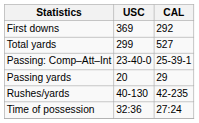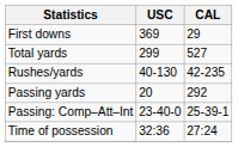 <table class="wikitable" style="float: left;">
 <tr>
 <th>Statistics</th>
 <th>USC</th>
 <th>CAL</th>
 </tr>
 <tr>
 <td>First downs</td>
 <td>369</td>
-<td>292</td>
+<td>29</td>
 </tr>
 <tr>
 <td>Total yards</td>
 <td>299</td>
 <td>527</td>
 </tr>
 <tr>
-<td>Passing: Comp–Att–Int</td>
-<td>23-40-0</td>
-<td>25-39-1</td>
+<td>Rushes/yards</td>
+<td>40-130</td>
+<td>42-235</td>
 </tr>
 <tr>
 <td>Passing yards</td>
 <td>20</td>
-<td>29</td>
+<td>292</td>
 </tr>
 <tr>
-<td>Rushes/yards</td>
-<td>40-130</td>
-<td>42-235</td>
+<td>Passing: Comp–Att–Int</td>
+<td>23-40-0</td>
+<td>25-39-1</td>
 </tr>
 <tr>
 <td>Time of possession</td>
 <td>32:36</td>
 <td>27:24</td>
 </tr>
 <tr>
 </tr>
 </table>
